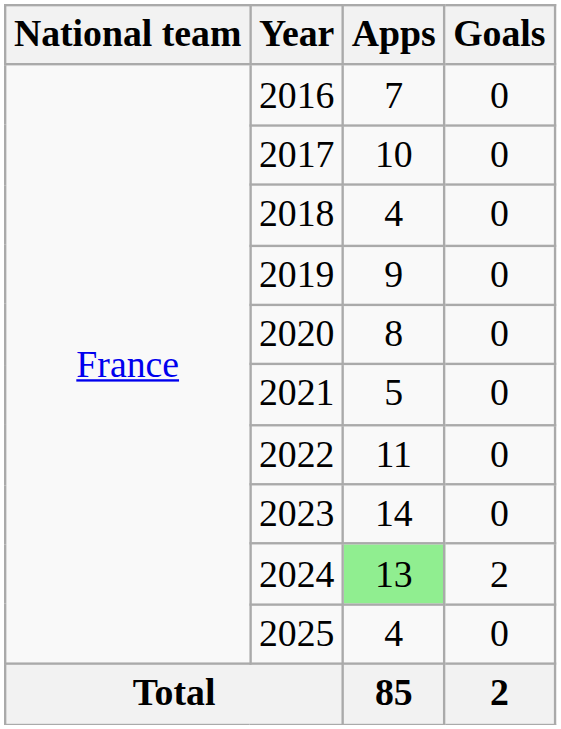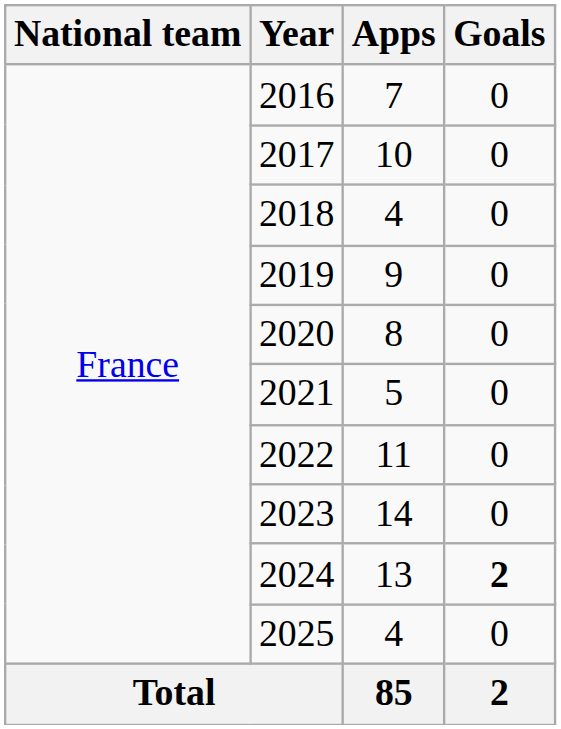 <table class="wikitable" style="text-align:center">
 <tr>
 <th>National team</th>
 <th>Year</th>
 <th>Apps</th>
 <th>Goals</th>
 </tr>
 <tr>
 <td rowspan="10"><a href='#'>France</a></td>
 <td>2016</td>
 <td>7</td>
 <td>0</td>
 </tr>
 <tr>
 <td>2017</td>
 <td>10</td>
 <td>0</td>
 </tr>
 <tr>
 <td>2018</td>
 <td>4</td>
 <td>0</td>
 </tr>
 <tr>
 <td>2019</td>
 <td>9</td>
 <td>0</td>
 </tr>
 <tr>
 <td>2020</td>
 <td>8</td>
 <td>0</td>
 </tr>
 <tr>
 <td>2021</td>
 <td>5</td>
 <td>0</td>
 </tr>
 <tr>
 <td>2022</td>
 <td>11</td>
 <td>0</td>
 </tr>
 <tr>
 <td>2023</td>
 <td>14</td>
 <td>0</td>
 </tr>
 <tr>
 <td>2024</td>
-<td style="background: lightgreen;">13</td>
-<td>2</td>
+<td>13</td>
+<td><strong>2</strong></td>
 </tr>
 <tr>
 <td>2025</td>
 <td>4</td>
 <td>0</td>
 </tr>
 <tr>
 <th colspan=2>Total</th>
 <th>85</th>
 <th>2</th>
 </tr>
 </table>
